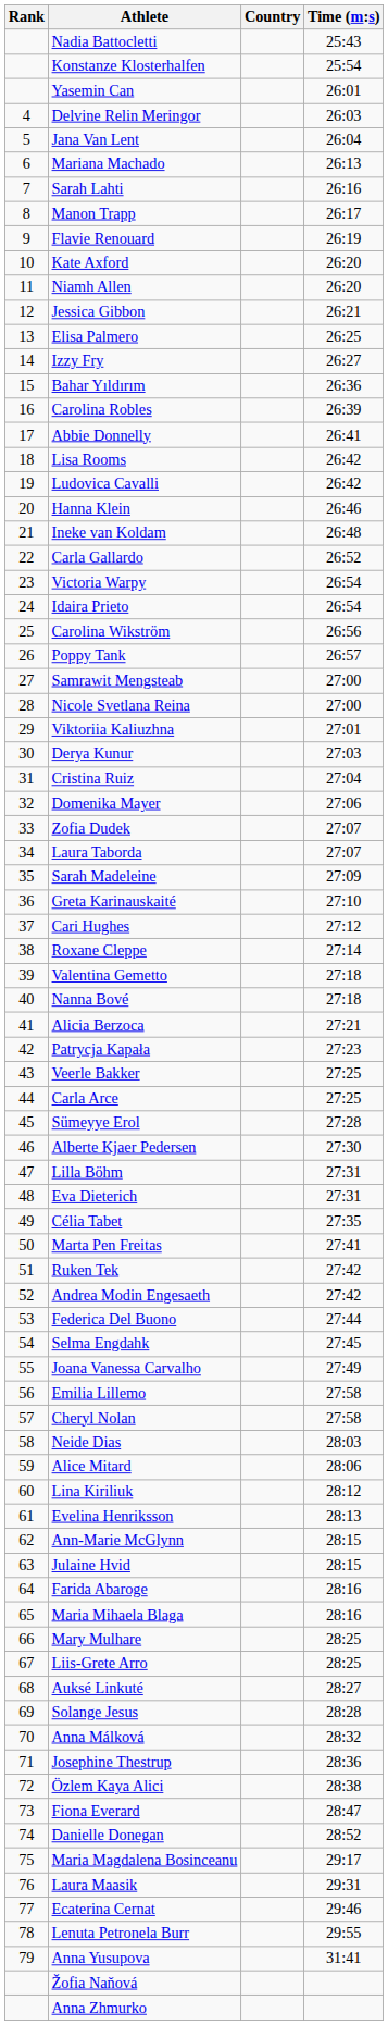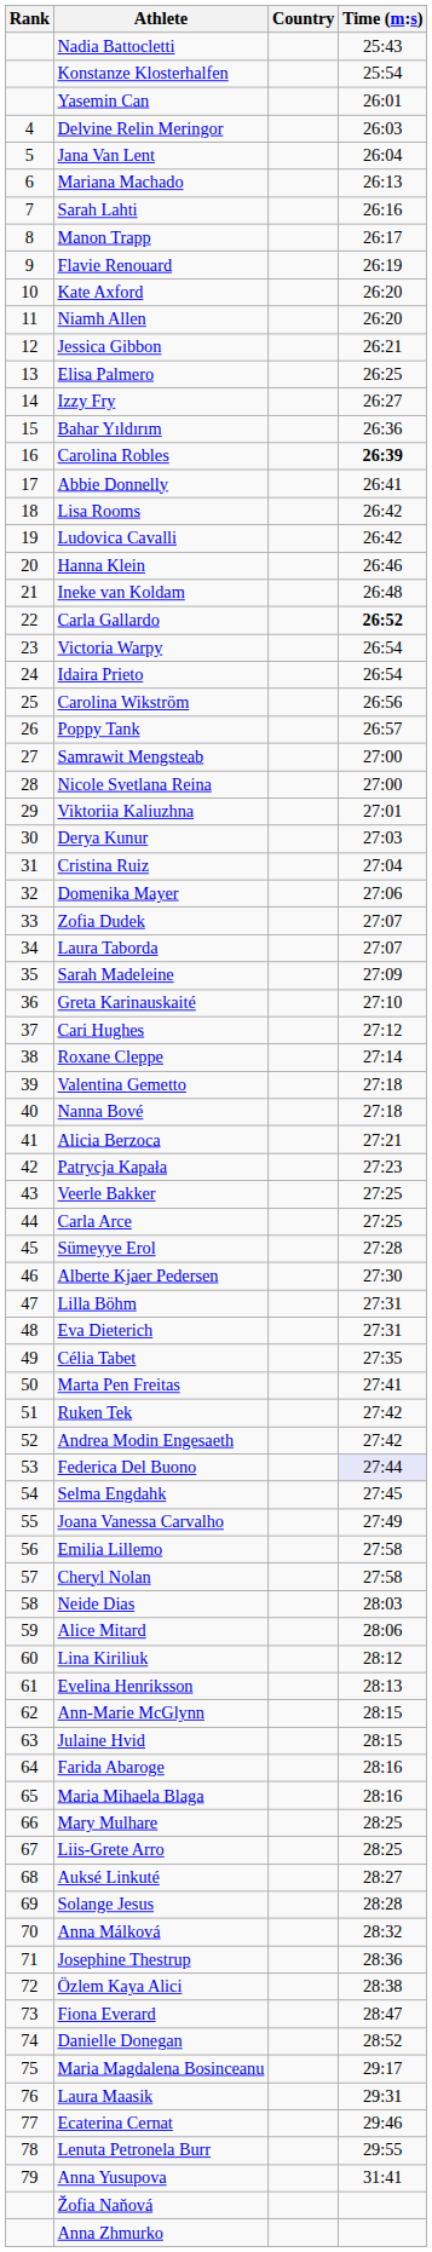 <table class="wikitable sortable" style="text-align:center">
 <tr>
 <th>Rank</th>
 <th>Athlete</th>
 <th>Country</th>
 <th>Time (<a href='#'>m</a>:<a href='#'>s</a>)</th>
 </tr>
 <tr>
 <td></td>
 <td align=left><a href='#'>Nadia Battocletti</a></td>
 <td align=left></td>
 <td>25:43</td>
 </tr>
 <tr>
 <td></td>
 <td align=left><a href='#'>Konstanze Klosterhalfen</a></td>
 <td align=left></td>
 <td>25:54</td>
 </tr>
 <tr>
 <td></td>
 <td align=left><a href='#'>Yasemin Can</a></td>
 <td align=left></td>
 <td>26:01</td>
 </tr>
 <tr>
 <td>4</td>
 <td align=left><a href='#'>Delvine Relin Meringor</a></td>
 <td align=left></td>
 <td>26:03</td>
 </tr>
 <tr>
 <td>5</td>
 <td align=left><a href='#'>Jana Van Lent</a></td>
 <td align=left></td>
 <td>26:04</td>
 </tr>
 <tr>
 <td>6</td>
 <td align=left><a href='#'>Mariana Machado</a></td>
 <td align=left></td>
 <td>26:13</td>
 </tr>
 <tr>
 <td>7</td>
 <td align=left><a href='#'>Sarah Lahti</a></td>
 <td align=left></td>
 <td>26:16</td>
 </tr>
 <tr>
 <td>8</td>
 <td align=left><a href='#'>Manon Trapp</a></td>
 <td align=left></td>
 <td>26:17</td>
 </tr>
 <tr>
 <td>9</td>
 <td align=left><a href='#'>Flavie Renouard</a></td>
 <td align=left></td>
 <td>26:19</td>
 </tr>
 <tr>
 <td>10</td>
 <td align=left><a href='#'>Kate Axford</a></td>
 <td align=left></td>
 <td>26:20</td>
 </tr>
 <tr>
 <td>11</td>
 <td align=left><a href='#'>Niamh Allen</a></td>
 <td align=left></td>
 <td>26:20</td>
 </tr>
 <tr>
 <td>12</td>
 <td align=left><a href='#'>Jessica Gibbon</a></td>
 <td align=left></td>
 <td>26:21</td>
 </tr>
 <tr>
 <td>13</td>
 <td align=left><a href='#'>Elisa Palmero</a></td>
 <td align=left></td>
 <td>26:25</td>
 </tr>
 <tr>
 <td>14</td>
 <td align=left><a href='#'>Izzy Fry</a></td>
 <td align=left></td>
 <td>26:27</td>
 </tr>
 <tr>
 <td>15</td>
 <td align=left><a href='#'>Bahar Yıldırım</a></td>
 <td align=left></td>
 <td>26:36</td>
 </tr>
 <tr>
 <td>16</td>
 <td align=left><a href='#'>Carolina Robles</a></td>
 <td align=left></td>
-<td>26:39</td>
+<td><strong>26:39</strong></td>
 </tr>
 <tr>
 <td>17</td>
 <td align=left><a href='#'>Abbie Donnelly</a></td>
 <td align=left></td>
 <td>26:41</td>
 </tr>
 <tr>
 <td>18</td>
 <td align=left><a href='#'>Lisa Rooms</a></td>
 <td align=left></td>
 <td>26:42</td>
 </tr>
 <tr>
 <td>19</td>
 <td align=left><a href='#'>Ludovica Cavalli</a></td>
 <td align=left></td>
 <td>26:42</td>
 </tr>
 <tr>
 <td>20</td>
 <td align=left><a href='#'>Hanna Klein</a></td>
 <td align=left></td>
 <td>26:46</td>
 </tr>
 <tr>
 <td>21</td>
 <td align=left><a href='#'>Ineke van Koldam</a></td>
 <td align=left></td>
 <td>26:48</td>
 </tr>
 <tr>
 <td>22</td>
 <td align=left><a href='#'>Carla Gallardo</a></td>
 <td align=left></td>
-<td>26:52</td>
+<td><strong>26:52</strong></td>
 </tr>
 <tr>
 <td>23</td>
 <td align=left><a href='#'>Victoria Warpy</a></td>
 <td align=left></td>
 <td>26:54</td>
 </tr>
 <tr>
 <td>24</td>
 <td align=left><a href='#'>Idaira Prieto</a></td>
 <td align=left></td>
 <td>26:54</td>
 </tr>
 <tr>
 <td>25</td>
 <td align=left><a href='#'>Carolina Wikström</a></td>
 <td align=left></td>
 <td>26:56</td>
 </tr>
 <tr>
 <td>26</td>
 <td align=left><a href='#'>Poppy Tank</a></td>
 <td align=left></td>
 <td>26:57</td>
 </tr>
 <tr>
 <td>27</td>
 <td align=left><a href='#'>Samrawit Mengsteab</a></td>
 <td align=left></td>
 <td>27:00</td>
 </tr>
 <tr>
 <td>28</td>
 <td align=left><a href='#'>Nicole Svetlana Reina</a></td>
 <td align=left></td>
 <td>27:00</td>
 </tr>
 <tr>
 <td>29</td>
 <td align=left><a href='#'>Viktoriia Kaliuzhna</a></td>
 <td align=left></td>
 <td>27:01</td>
 </tr>
 <tr>
 <td>30</td>
 <td align=left><a href='#'>Derya Kunur</a></td>
 <td align=left></td>
 <td>27:03</td>
 </tr>
 <tr>
 <td>31</td>
 <td align=left><a href='#'>Cristina Ruiz</a></td>
 <td align=left></td>
 <td>27:04</td>
 </tr>
 <tr>
 <td>32</td>
 <td align=left><a href='#'>Domenika Mayer</a></td>
 <td align=left></td>
 <td>27:06</td>
 </tr>
 <tr>
 <td>33</td>
 <td align=left><a href='#'>Zofia Dudek</a></td>
 <td align=left></td>
 <td>27:07</td>
 </tr>
 <tr>
 <td>34</td>
 <td align=left><a href='#'>Laura Taborda</a></td>
 <td align=left></td>
 <td>27:07</td>
 </tr>
 <tr>
 <td>35</td>
 <td align=left><a href='#'>Sarah Madeleine</a></td>
 <td align=left></td>
 <td>27:09</td>
 </tr>
 <tr>
 <td>36</td>
 <td align=left><a href='#'>Greta Karinauskaité</a></td>
 <td align=left></td>
 <td>27:10</td>
 </tr>
 <tr>
 <td>37</td>
 <td align=left><a href='#'>Cari Hughes</a></td>
 <td align=left></td>
 <td>27:12</td>
 </tr>
 <tr>
 <td>38</td>
 <td align=left><a href='#'>Roxane Cleppe</a></td>
 <td align=left></td>
 <td>27:14</td>
 </tr>
 <tr>
 <td>39</td>
 <td align=left><a href='#'>Valentina Gemetto</a></td>
 <td align=left></td>
 <td>27:18</td>
 </tr>
 <tr>
 <td>40</td>
 <td align=left><a href='#'>Nanna Bové</a></td>
 <td align=left></td>
 <td>27:18</td>
 </tr>
 <tr>
 <td>41</td>
 <td align=left><a href='#'>Alicia Berzoca</a></td>
 <td align=left></td>
 <td>27:21</td>
 </tr>
 <tr>
 <td>42</td>
 <td align=left><a href='#'>Patrycja Kapała</a></td>
 <td align=left></td>
 <td>27:23</td>
 </tr>
 <tr>
 <td>43</td>
 <td align=left><a href='#'>Veerle Bakker</a></td>
 <td align=left></td>
 <td>27:25</td>
 </tr>
 <tr>
 <td>44</td>
 <td align=left><a href='#'>Carla Arce</a></td>
 <td align=left></td>
 <td>27:25</td>
 </tr>
 <tr>
 <td>45</td>
 <td align=left><a href='#'>Sümeyye Erol</a></td>
 <td align=left></td>
 <td>27:28</td>
 </tr>
 <tr>
 <td>46</td>
 <td align=left><a href='#'>Alberte Kjaer Pedersen</a></td>
 <td align=left></td>
 <td>27:30</td>
 </tr>
 <tr>
 <td>47</td>
 <td align=left><a href='#'>Lilla Böhm</a></td>
 <td align=left></td>
 <td>27:31</td>
 </tr>
 <tr>
 <td>48</td>
 <td align=left><a href='#'>Eva Dieterich</a></td>
 <td align=left></td>
 <td>27:31</td>
 </tr>
 <tr>
 <td>49</td>
 <td align=left><a href='#'>Célia Tabet</a></td>
 <td align=left></td>
 <td>27:35</td>
 </tr>
 <tr>
 <td>50</td>
 <td align=left><a href='#'>Marta Pen Freitas</a></td>
 <td align=left></td>
 <td>27:41</td>
 </tr>
 <tr>
 <td>51</td>
 <td align=left><a href='#'>Ruken Tek</a></td>
 <td align=left></td>
 <td>27:42</td>
 </tr>
 <tr>
 <td>52</td>
 <td align=left><a href='#'>Andrea Modin Engesaeth</a></td>
 <td align=left></td>
 <td>27:42</td>
 </tr>
 <tr>
 <td>53</td>
 <td align=left><a href='#'>Federica Del Buono</a></td>
 <td align=left></td>
-<td>27:44</td>
+<td style="background: lavender;">27:44</td>
 </tr>
 <tr>
 <td>54</td>
 <td align=left><a href='#'>Selma Engdahk</a></td>
 <td align=left></td>
 <td>27:45</td>
 </tr>
 <tr>
 <td>55</td>
 <td align=left><a href='#'>Joana Vanessa Carvalho</a></td>
 <td align=left></td>
 <td>27:49</td>
 </tr>
 <tr>
 <td>56</td>
 <td align=left><a href='#'>Emilia Lillemo</a></td>
 <td align=left></td>
 <td>27:58</td>
 </tr>
 <tr>
 <td>57</td>
 <td align=left><a href='#'>Cheryl Nolan</a></td>
 <td align=left></td>
 <td>27:58</td>
 </tr>
 <tr>
 <td>58</td>
 <td align=left><a href='#'>Neide Dias</a></td>
 <td align=left></td>
 <td>28:03</td>
 </tr>
 <tr>
 <td>59</td>
 <td align=left><a href='#'>Alice Mitard</a></td>
 <td align=left></td>
 <td>28:06</td>
 </tr>
 <tr>
 <td>60</td>
 <td align=left><a href='#'>Lina Kiriliuk</a></td>
 <td align=left></td>
 <td>28:12</td>
 </tr>
 <tr>
 <td>61</td>
 <td align=left><a href='#'>Evelina Henriksson</a></td>
 <td align=left></td>
 <td>28:13</td>
 </tr>
 <tr>
 <td>62</td>
 <td align=left><a href='#'>Ann-Marie McGlynn</a></td>
 <td align=left></td>
 <td>28:15</td>
 </tr>
 <tr>
 <td>63</td>
 <td align=left><a href='#'>Julaine Hvid</a></td>
 <td align=left></td>
 <td>28:15</td>
 </tr>
 <tr>
 <td>64</td>
 <td align=left><a href='#'>Farida Abaroge</a></td>
 <td align=left></td>
 <td>28:16</td>
 </tr>
 <tr>
 <td>65</td>
 <td align=left><a href='#'>Maria Mihaela Blaga</a></td>
 <td align=left></td>
 <td>28:16</td>
 </tr>
 <tr>
 <td>66</td>
 <td align=left><a href='#'>Mary Mulhare</a></td>
 <td align=left></td>
 <td>28:25</td>
 </tr>
 <tr>
 <td>67</td>
 <td align=left><a href='#'>Liis-Grete Arro</a></td>
 <td align=left></td>
 <td>28:25</td>
 </tr>
 <tr>
 <td>68</td>
 <td align=left><a href='#'>Auksé Linkuté</a></td>
 <td align=left></td>
 <td>28:27</td>
 </tr>
 <tr>
 <td>69</td>
 <td align=left><a href='#'>Solange Jesus</a></td>
 <td align=left></td>
 <td>28:28</td>
 </tr>
 <tr>
 <td>70</td>
 <td align=left><a href='#'>Anna Málková</a></td>
 <td align=left></td>
 <td>28:32</td>
 </tr>
 <tr>
 <td>71</td>
 <td align=left><a href='#'>Josephine Thestrup</a></td>
 <td align=left></td>
 <td>28:36</td>
 </tr>
 <tr>
 <td>72</td>
 <td align=left><a href='#'>Özlem Kaya Alici</a></td>
 <td align=left></td>
 <td>28:38</td>
 </tr>
 <tr>
 <td>73</td>
 <td align=left><a href='#'>Fiona Everard</a></td>
 <td align=left></td>
 <td>28:47</td>
 </tr>
 <tr>
 <td>74</td>
 <td align=left><a href='#'>Danielle Donegan</a></td>
 <td align=left></td>
 <td>28:52</td>
 </tr>
 <tr>
 <td>75</td>
 <td align=left><a href='#'>Maria Magdalena Bosinceanu</a></td>
 <td align=left></td>
 <td>29:17</td>
 </tr>
 <tr>
 <td>76</td>
 <td align=left><a href='#'>Laura Maasik</a></td>
 <td align=left></td>
 <td>29:31</td>
 </tr>
 <tr>
 <td>77</td>
 <td align=left><a href='#'>Ecaterina Cernat</a></td>
 <td align=left></td>
 <td>29:46</td>
 </tr>
 <tr>
 <td>78</td>
 <td align=left><a href='#'>Lenuta Petronela Burr</a></td>
 <td align=left></td>
 <td>29:55</td>
 </tr>
 <tr>
 <td>79</td>
 <td align=left><a href='#'>Anna Yusupova</a></td>
 <td align=left></td>
 <td>31:41</td>
 </tr>
 <tr>
 <td></td>
 <td align=left><a href='#'>Žofia Naňová</a></td>
 <td align=left></td>
 <td></td>
 </tr>
 <tr>
 <td></td>
 <td align=left><a href='#'>Anna Zhmurko</a></td>
 <td align=left></td>
 <td></td>
 </tr>
 </table>
